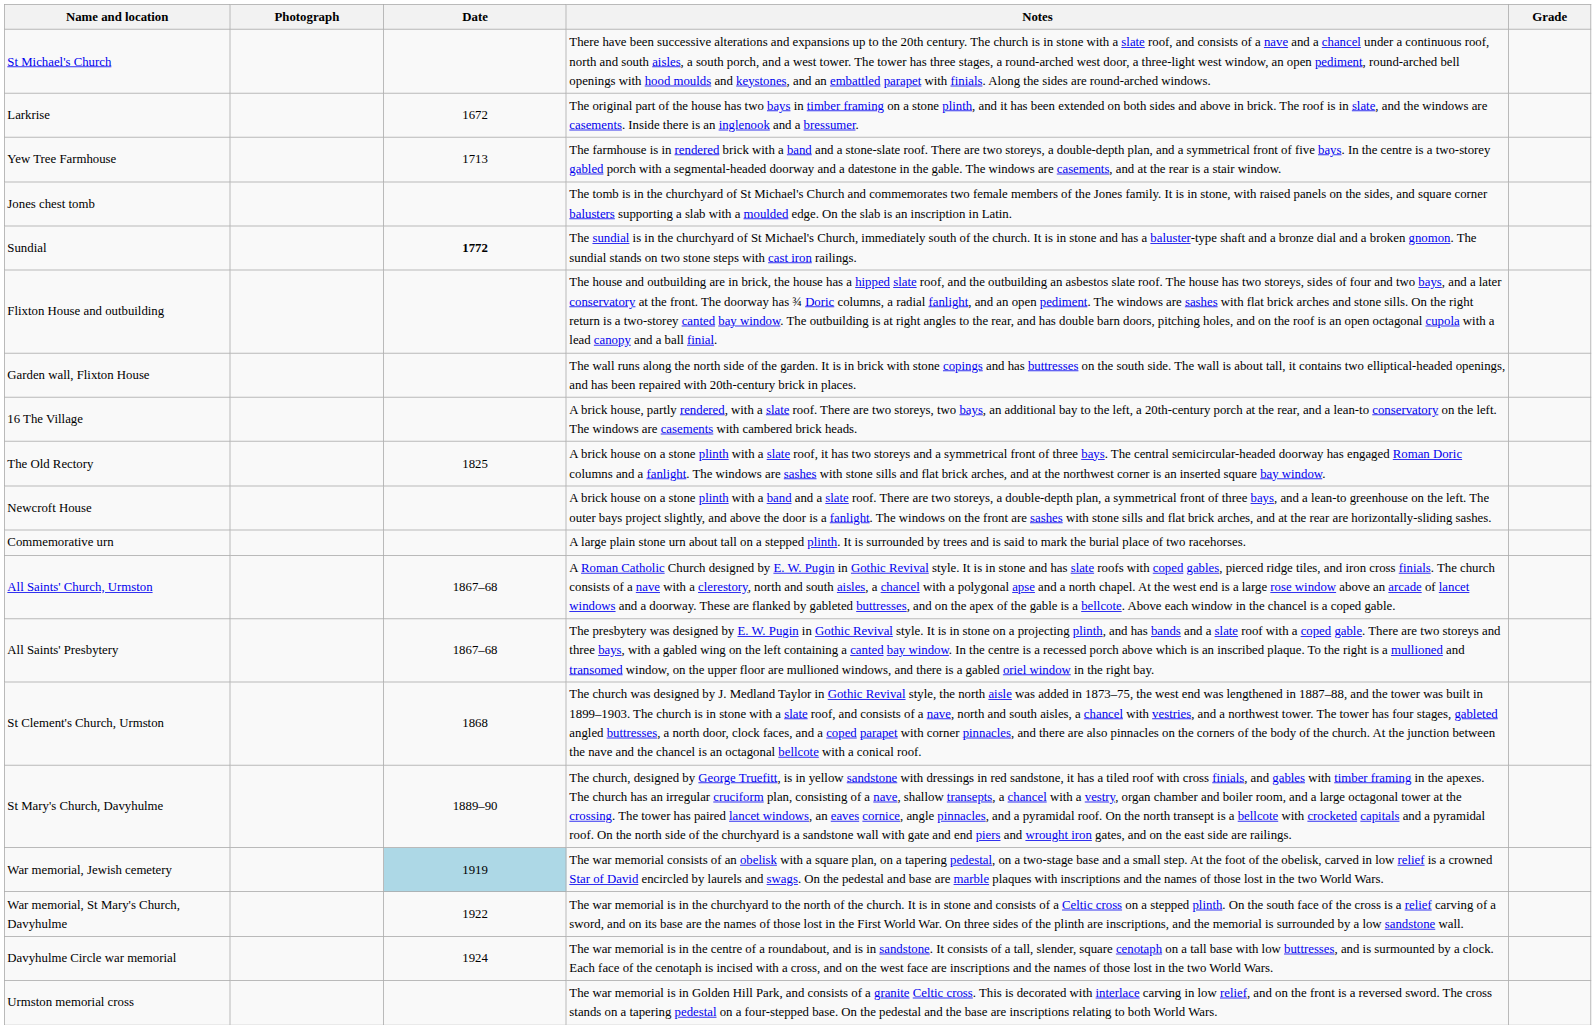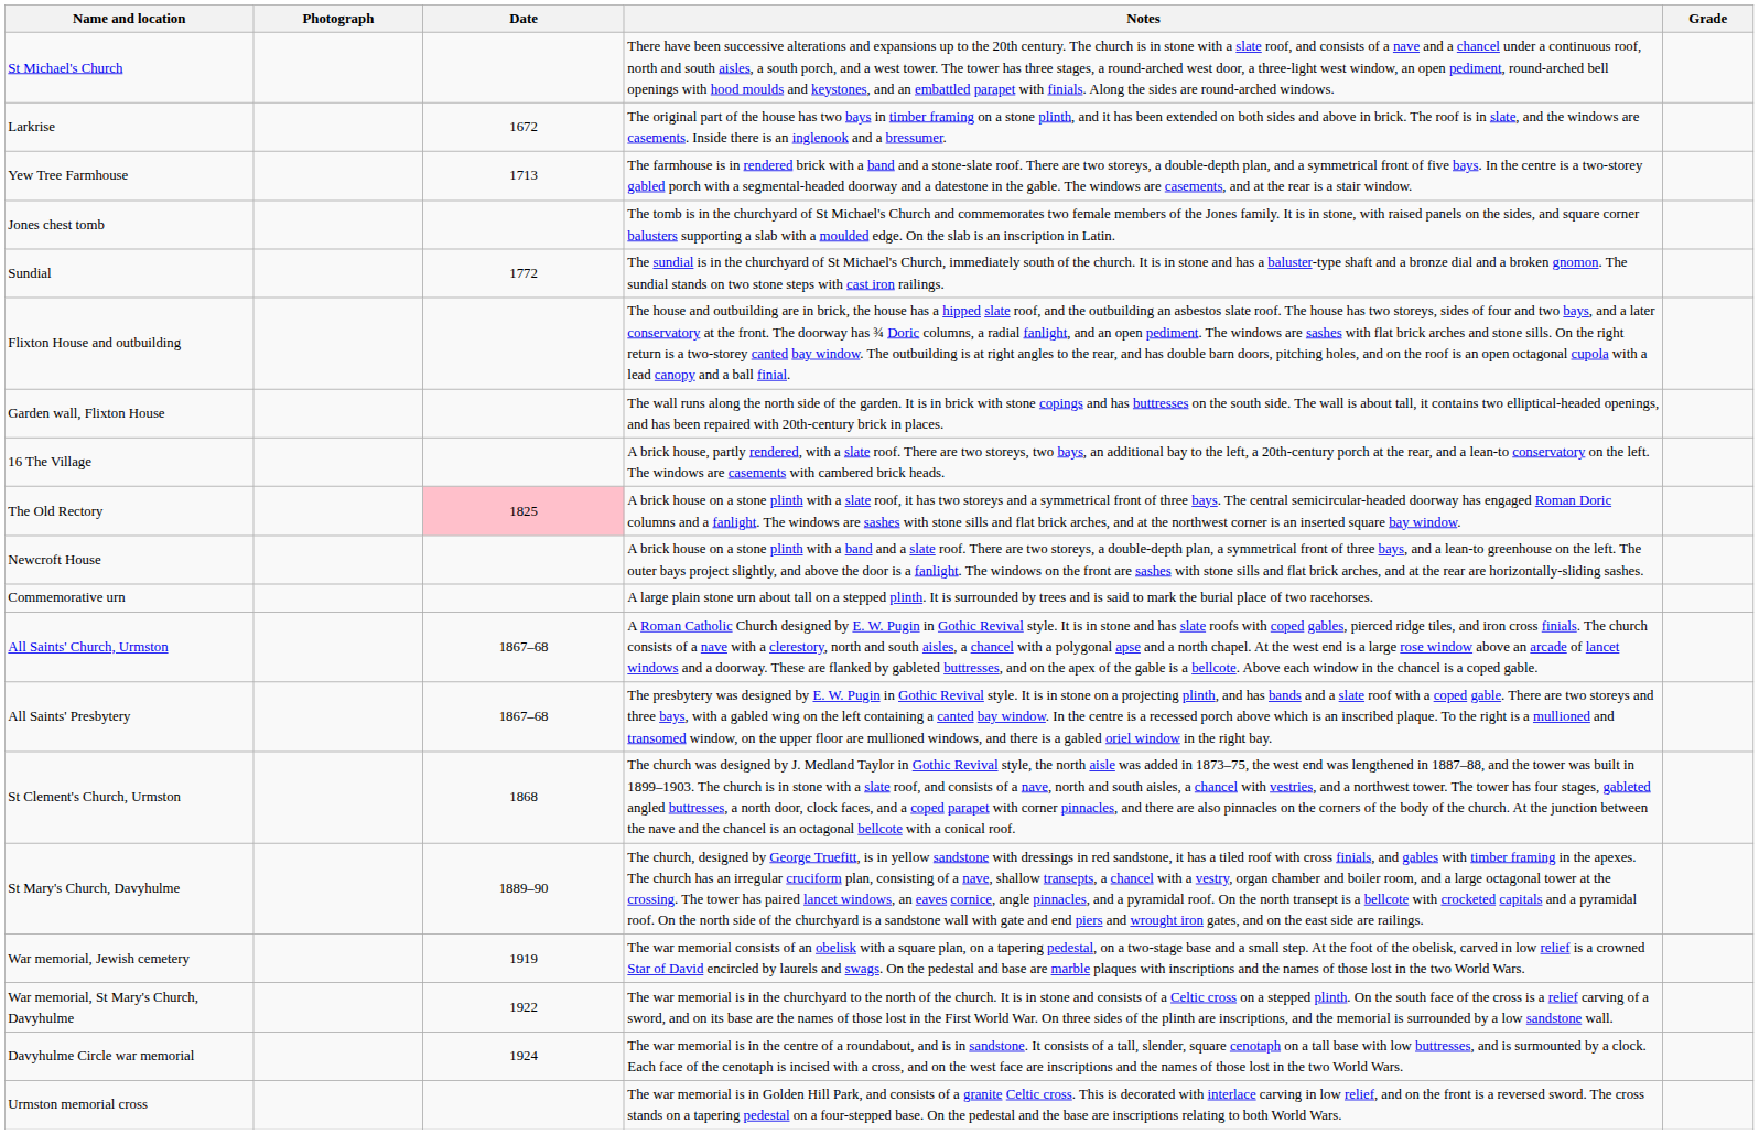 <table class="wikitable sortable plainrowheaders" style="width:100%; border:0; text-align:left; line-height:150%;">
 <tr>
 <th scope="col"  style="width:150px">Name and location</th>
 <th scope="col"  style="width:100px" class="unsortable">Photograph</th>
 <th scope="col"  style="width:120px">Date</th>
 <th scope="col"  style="width:650px" class="unsortable">Notes</th>
 <th scope="col"  style="width:50px">Grade</th>
 </tr>
 <tr>
 <td><a href='#'>St Michael's Church</a><br><small></small></td>
 <td></td>
 <td align="center"></td>
 <td>There have been successive alterations and expansions up to the 20th century. The church is in stone with a <a href='#'>slate</a> roof, and consists of a <a href='#'>nave</a> and a <a href='#'>chancel</a> under a continuous roof, north and south <a href='#'>aisles</a>, a south porch, and a west tower. The tower has three stages, a round-arched west door, a three-light west window, an open <a href='#'>pediment</a>, round-arched bell openings with <a href='#'>hood moulds</a> and <a href='#'>keystones</a>, and an <a href='#'>embattled</a> <a href='#'>parapet</a> with <a href='#'>finials</a>. Along the sides are round-arched windows.</td>
 <td align="center" ></td>
 </tr>
 <tr>
 <td>Larkrise<br><small></small></td>
 <td></td>
 <td align="center">1672</td>
 <td>The original part of the house has two <a href='#'>bays</a> in <a href='#'>timber framing</a> on a stone <a href='#'>plinth</a>, and it has been extended on both sides and above in brick. The roof is in <a href='#'>slate</a>, and the windows are <a href='#'>casements</a>. Inside there is an <a href='#'>inglenook</a> and a <a href='#'>bressumer</a>.</td>
 <td align="center" ></td>
 </tr>
 <tr>
 <td>Yew Tree Farmhouse<br><small></small></td>
 <td></td>
 <td align="center">1713</td>
 <td>The farmhouse is in <a href='#'>rendered</a> brick with a <a href='#'>band</a> and a stone-slate roof. There are two storeys, a double-depth plan, and a symmetrical front of five <a href='#'>bays</a>. In the centre is a two-storey <a href='#'>gabled</a> porch with a segmental-headed doorway and a datestone in the gable. The windows are <a href='#'>casements</a>, and at the rear is a stair window.</td>
 <td align="center" ></td>
 </tr>
 <tr>
 <td>Jones chest tomb<br><small></small></td>
 <td></td>
 <td align="center"></td>
 <td>The tomb is in the churchyard of St Michael's Church and commemorates two female members of the Jones family. It is in stone, with raised panels on the sides, and square corner <a href='#'>balusters</a> supporting a slab with a <a href='#'>moulded</a> edge. On the slab is an inscription in Latin.</td>
 <td align="center" ></td>
 </tr>
 <tr>
 <td>Sundial<br><small></small></td>
 <td></td>
-<td align="center"><strong>1772</strong></td>
+<td align="center">1772</td>
 <td>The <a href='#'>sundial</a> is in the churchyard of St Michael's Church, immediately south of the church. It is in stone and has a <a href='#'>baluster</a>-type shaft and a bronze dial and a broken <a href='#'>gnomon</a>. The sundial stands on two stone steps with <a href='#'>cast iron</a> railings.</td>
 <td align="center" ></td>
 </tr>
 <tr>
 <td>Flixton House and outbuilding<br><small></small></td>
 <td></td>
 <td align="center"></td>
 <td>The house and outbuilding are in brick, the house has a <a href='#'>hipped</a> <a href='#'>slate</a> roof, and the outbuilding an asbestos slate roof. The house has two storeys, sides of four and two <a href='#'>bays</a>, and a later <a href='#'>conservatory</a> at the front. The doorway has ¾ <a href='#'>Doric</a> columns, a radial <a href='#'>fanlight</a>, and an open <a href='#'>pediment</a>. The windows are <a href='#'>sashes</a> with flat brick arches and stone sills. On the right return is a two-storey <a href='#'>canted</a> <a href='#'>bay window</a>. The outbuilding is at right angles to the rear, and has double barn doors, pitching holes, and on the roof is an open octagonal <a href='#'>cupola</a> with a lead <a href='#'>canopy</a> and a ball <a href='#'>finial</a>.</td>
 <td align="center" ></td>
 </tr>
 <tr>
 <td>Garden wall, Flixton House<br><small></small></td>
 <td></td>
 <td align="center"></td>
 <td>The wall runs along the north side of the garden. It is in brick with stone <a href='#'>copings</a> and has <a href='#'>buttresses</a> on the south side. The wall is about  tall, it contains two elliptical-headed openings, and has been repaired with 20th-century brick in places.</td>
 <td align="center" ></td>
 </tr>
 <tr>
 <td>16 The Village<br><small></small></td>
 <td></td>
 <td align="center"></td>
 <td>A brick house, partly <a href='#'>rendered</a>, with a <a href='#'>slate</a> roof. There are two storeys, two <a href='#'>bays</a>, an additional bay to the left, a 20th-century porch at the rear, and a lean-to <a href='#'>conservatory</a> on the left. The windows are <a href='#'>casements</a> with cambered brick heads.</td>
 <td align="center" ></td>
 </tr>
 <tr>
 <td>The Old Rectory<br><small></small></td>
 <td></td>
-<td align="center">1825</td>
+<td align="center" style="background: pink;">1825</td>
 <td>A brick house on a stone <a href='#'>plinth</a> with a <a href='#'>slate</a> roof, it has two storeys and a symmetrical front of three <a href='#'>bays</a>. The central semicircular-headed doorway has engaged <a href='#'>Roman Doric</a> columns and a <a href='#'>fanlight</a>. The windows are <a href='#'>sashes</a> with stone sills and flat brick arches, and at the northwest corner is an inserted square <a href='#'>bay window</a>.</td>
 <td align="center" ></td>
 </tr>
 <tr>
 <td>Newcroft House<br><small></small></td>
 <td></td>
 <td align="center"></td>
 <td>A brick house on a stone <a href='#'>plinth</a> with a <a href='#'>band</a> and a <a href='#'>slate</a> roof. There are two storeys, a double-depth plan, a symmetrical front of three <a href='#'>bays</a>, and a lean-to greenhouse on the left. The outer bays project slightly, and above the door is a <a href='#'>fanlight</a>. The windows on the front are <a href='#'>sashes</a> with stone sills and flat brick arches, and at the rear are horizontally-sliding sashes.</td>
 <td align="center" ></td>
 </tr>
 <tr>
 <td>Commemorative urn<br><small></small></td>
 <td></td>
 <td align="center"></td>
 <td>A large plain stone urn about  tall on a stepped <a href='#'>plinth</a>. It is surrounded by trees and is said to mark the burial place of two racehorses.</td>
 <td align="center" ></td>
 </tr>
 <tr>
 <td><a href='#'>All Saints' Church, Urmston</a><br><small></small></td>
 <td></td>
 <td align="center">1867–68</td>
 <td>A <a href='#'>Roman Catholic</a> Church designed by <a href='#'>E. W. Pugin</a> in <a href='#'>Gothic Revival</a> style. It is in stone and has <a href='#'>slate</a> roofs with <a href='#'>coped</a> <a href='#'>gables</a>, pierced ridge tiles, and iron cross <a href='#'>finials</a>. The church consists of a <a href='#'>nave</a> with a <a href='#'>clerestory</a>, north and south <a href='#'>aisles</a>, a <a href='#'>chancel</a> with a polygonal <a href='#'>apse</a> and a north chapel. At the west end is a large <a href='#'>rose window</a> above an <a href='#'>arcade</a> of <a href='#'>lancet windows</a> and a doorway. These are flanked by gableted <a href='#'>buttresses</a>, and on the apex of the gable is a <a href='#'>bellcote</a>. Above each window in the chancel is a coped gable.</td>
 <td align="center" ></td>
 </tr>
 <tr>
 <td>All Saints' Presbytery<br><small></small></td>
 <td></td>
 <td align="center">1867–68</td>
 <td>The presbytery was designed by <a href='#'>E. W. Pugin</a> in <a href='#'>Gothic Revival</a> style. It is in stone on a projecting <a href='#'>plinth</a>, and has <a href='#'>bands</a> and a <a href='#'>slate</a> roof with a <a href='#'>coped</a> <a href='#'>gable</a>. There are two storeys and three <a href='#'>bays</a>, with a gabled wing on the left containing a <a href='#'>canted</a> <a href='#'>bay window</a>. In the centre is a recessed porch above which is an inscribed plaque. To the right is a <a href='#'>mullioned</a> and <a href='#'>transomed</a> window, on the upper floor are mullioned windows, and there is a gabled <a href='#'>oriel window</a> in the right bay.</td>
 <td align="center" ></td>
 </tr>
 <tr>
 <td>St Clement's Church, Urmston<br><small></small></td>
 <td></td>
 <td align="center">1868</td>
 <td>The church was designed by J. Medland Taylor in <a href='#'>Gothic Revival</a> style, the north <a href='#'>aisle</a> was added in 1873–75, the west end was lengthened in 1887–88, and the tower was built in 1899–1903. The church is in stone with a <a href='#'>slate</a> roof, and consists of a <a href='#'>nave</a>, north and south aisles, a <a href='#'>chancel</a> with <a href='#'>vestries</a>, and a northwest tower. The tower has four stages, <a href='#'>gableted</a> angled <a href='#'>buttresses</a>, a north door, clock faces, and a <a href='#'>coped</a> <a href='#'>parapet</a> with corner <a href='#'>pinnacles</a>, and there are also pinnacles on the corners of the body of the church. At the junction between the nave and the chancel is an octagonal <a href='#'>bellcote</a> with a conical roof.</td>
 <td align="center" ></td>
 </tr>
 <tr>
 <td>St Mary's Church, Davyhulme<br><small></small></td>
 <td></td>
 <td align="center">1889–90</td>
 <td>The church, designed by <a href='#'>George Truefitt</a>, is in yellow <a href='#'>sandstone</a> with dressings in red sandstone, it has a tiled roof with cross <a href='#'>finials</a>, and <a href='#'>gables</a> with <a href='#'>timber framing</a> in the apexes. The church has an irregular <a href='#'>cruciform</a> plan, consisting of a <a href='#'>nave</a>, shallow <a href='#'>transepts</a>, a <a href='#'>chancel</a> with a <a href='#'>vestry</a>, organ chamber and boiler room, and a large octagonal tower at the <a href='#'>crossing</a>. The tower has paired <a href='#'>lancet windows</a>, an <a href='#'>eaves</a> <a href='#'>cornice</a>, angle <a href='#'>pinnacles</a>, and a pyramidal roof. On the north transept is a <a href='#'>bellcote</a> with <a href='#'>crocketed</a> <a href='#'>capitals</a> and a pyramidal roof. On the north side of the churchyard is a sandstone wall with gate and end <a href='#'>piers</a> and <a href='#'>wrought iron</a> gates, and on the east side are railings.</td>
 <td align="center" ></td>
 </tr>
 <tr>
 <td>War memorial, Jewish cemetery<br><small></small></td>
 <td></td>
-<td align="center" style="background: lightblue;">1919</td>
+<td align="center">1919</td>
 <td>The war memorial consists of an <a href='#'>obelisk</a> with a square plan, on a tapering <a href='#'>pedestal</a>, on a two-stage base and a small step. At the foot of the obelisk, carved in low <a href='#'>relief</a> is a crowned <a href='#'>Star of David</a> encircled by laurels and <a href='#'>swags</a>. On the pedestal and base are <a href='#'>marble</a> plaques with inscriptions and the names of those lost in the two World Wars.</td>
 <td align="center" ></td>
 </tr>
 <tr>
 <td>War memorial, St Mary's Church, Davyhulme<br><small></small></td>
 <td></td>
 <td align="center">1922</td>
 <td>The war memorial is in the churchyard to the north of the church. It is in stone and consists of a <a href='#'>Celtic cross</a> on a stepped <a href='#'>plinth</a>. On the south face of the cross is a <a href='#'>relief</a> carving of a sword, and on its base are the names of those lost in the First World War. On three sides of the plinth are inscriptions, and the memorial is surrounded by a low <a href='#'>sandstone</a> wall.</td>
 <td align="center" ></td>
 </tr>
 <tr>
 <td>Davyhulme Circle war memorial<br><small></small></td>
 <td></td>
 <td align="center">1924</td>
 <td>The war memorial is in the centre of a roundabout, and is in <a href='#'>sandstone</a>. It consists of a tall, slender, square <a href='#'>cenotaph</a> on a tall base with low <a href='#'>buttresses</a>, and is surmounted by a clock. Each face of the cenotaph is incised with a cross, and on the west face are inscriptions and the names of those lost in the two World Wars.</td>
 <td align="center" ></td>
 </tr>
 <tr>
 <td>Urmston memorial cross<br><small></small></td>
 <td></td>
 <td align="center"></td>
 <td>The war memorial is in Golden Hill Park, and consists of a <a href='#'>granite</a> <a href='#'>Celtic cross</a>. This is decorated with <a href='#'>interlace</a> carving in low <a href='#'>relief</a>, and on the front is a reversed sword. The cross stands on a tapering <a href='#'>pedestal</a> on a four-stepped base. On the pedestal and the base are inscriptions relating to both World Wars.</td>
 <td align="center" ></td>
 </tr>
 <tr>
 </tr>
 </table>
